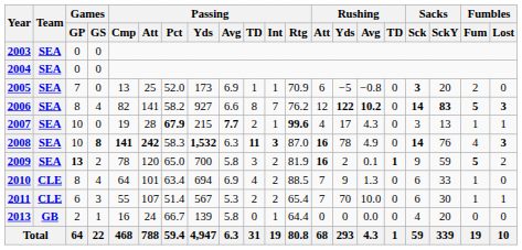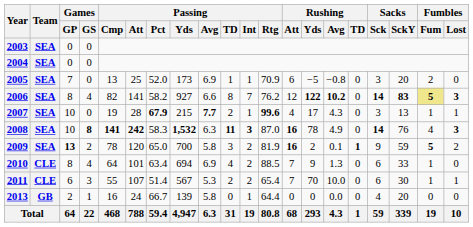 <table class="wikitable" style="text-align: center;">
 <tr>
 <th rowspan="2">Year</th>
 <th rowspan="2">Team</th>
 <th colspan="2">Games</th>
 <th colspan="8">Passing</th>
 <th colspan="4">Rushing</th>
 <th colspan="2">Sacks</th>
 <th colspan="2">Fumbles</th>
 </tr>
 <tr>
 <th>GP</th>
 <th>GS</th>
 <th>Cmp</th>
 <th>Att</th>
 <th>Pct</th>
 <th>Yds</th>
 <th>Avg</th>
 <th>TD</th>
 <th>Int</th>
 <th>Rtg</th>
 <th>Att</th>
 <th>Yds</th>
 <th>Avg</th>
 <th>TD</th>
 <th>Sck</th>
 <th>SckY</th>
 <th>Fum</th>
 <th>Lost</th>
 </tr>
 <tr>
 <th><a href='#'>2003</a></th>
 <th><a href='#'>SEA</a></th>
 <td>0</td>
 <td>0</td>
 <td colspan="16"></td>
 </tr>
 <tr>
 <th><a href='#'>2004</a></th>
 <th><a href='#'>SEA</a></th>
 <td>0</td>
 <td>0</td>
 <td colspan="16"></td>
 </tr>
 <tr>
 <th><a href='#'>2005</a></th>
 <th><a href='#'>SEA</a></th>
 <td>7</td>
 <td>0</td>
 <td>13</td>
 <td>25</td>
 <td>52.0</td>
 <td>173</td>
 <td>6.9</td>
 <td>1</td>
 <td>1</td>
 <td>70.9</td>
 <td>6</td>
 <td>−5</td>
 <td>−0.8</td>
 <td>0</td>
-<td><strong>3</strong></td>
+<td>3</td>
 <td>20</td>
 <td>2</td>
 <td>0</td>
 </tr>
 <tr>
 <th><a href='#'>2006</a></th>
 <th><a href='#'>SEA</a></th>
 <td>8</td>
 <td>4</td>
 <td>82</td>
 <td>141</td>
 <td>58.2</td>
 <td>927</td>
 <td>6.6</td>
 <td>8</td>
 <td>7</td>
 <td>76.2</td>
 <td>12</td>
 <td><strong>122</strong></td>
 <td><strong>10.2</strong></td>
 <td>0</td>
 <td><strong>14</strong></td>
 <td><strong>83</strong></td>
-<td><strong>5</strong></td>
+<td style="background: khaki;"><strong>5</strong></td>
 <td><strong>3</strong></td>
 </tr>
 <tr>
 <th><a href='#'>2007</a></th>
 <th><a href='#'>SEA</a></th>
 <td>10</td>
 <td>0</td>
 <td>19</td>
 <td>28</td>
 <td><strong>67.9</strong></td>
 <td>215</td>
 <td><strong>7.7</strong></td>
 <td>2</td>
 <td>1</td>
 <td><strong>99.6</strong></td>
 <td>4</td>
 <td>17</td>
 <td>4.3</td>
 <td>0</td>
 <td>3</td>
 <td>13</td>
 <td>1</td>
 <td>1</td>
 </tr>
 <tr>
 <th><a href='#'>2008</a></th>
 <th><a href='#'>SEA</a></th>
 <td>10</td>
 <td><strong>8</strong></td>
 <td><strong>141</strong></td>
 <td><strong>242</strong></td>
 <td>58.3</td>
 <td><strong>1,532</strong></td>
 <td>6.3</td>
 <td><strong>11</strong></td>
 <td><strong>3</strong></td>
 <td>87.0</td>
 <td><strong>16</strong></td>
 <td>78</td>
 <td>4.9</td>
 <td>0</td>
 <td><strong>14</strong></td>
 <td>76</td>
 <td>4</td>
 <td><strong>3</strong></td>
 </tr>
 <tr>
 <th><a href='#'>2009</a></th>
 <th><a href='#'>SEA</a></th>
 <td><strong>13</strong></td>
 <td>2</td>
 <td>78</td>
 <td>120</td>
 <td>65.0</td>
 <td>700</td>
 <td>5.8</td>
 <td>3</td>
 <td>2</td>
 <td>81.9</td>
 <td><strong>16</strong></td>
 <td>2</td>
 <td>0.1</td>
 <td><strong>1</strong></td>
 <td>9</td>
 <td>59</td>
 <td><strong>5</strong></td>
 <td>2</td>
 </tr>
 <tr>
 <th><a href='#'>2010</a></th>
 <th><a href='#'>CLE</a></th>
 <td>8</td>
 <td>4</td>
 <td>64</td>
 <td>101</td>
 <td>63.4</td>
 <td>694</td>
 <td>6.9</td>
 <td>4</td>
 <td>2</td>
 <td>88.5</td>
 <td>7</td>
 <td>9</td>
 <td>1.3</td>
 <td>0</td>
 <td>6</td>
 <td>33</td>
 <td>1</td>
 <td>0</td>
 </tr>
 <tr>
 <th><a href='#'>2011</a></th>
 <th><a href='#'>CLE</a></th>
 <td>6</td>
 <td>3</td>
 <td>55</td>
 <td>107</td>
 <td>51.4</td>
 <td>567</td>
 <td>5.3</td>
 <td>2</td>
 <td>2</td>
 <td>65.4</td>
 <td>7</td>
 <td>70</td>
 <td>10.0</td>
 <td>0</td>
 <td>6</td>
 <td>30</td>
 <td>1</td>
 <td>1</td>
 </tr>
 <tr>
 <th><a href='#'>2013</a></th>
 <th><a href='#'>GB</a></th>
 <td>2</td>
 <td>1</td>
 <td>16</td>
 <td>24</td>
 <td>66.7</td>
 <td>139</td>
 <td>5.8</td>
 <td>0</td>
 <td>1</td>
 <td>64.4</td>
 <td>0</td>
 <td>0</td>
 <td>0.0</td>
 <td>0</td>
 <td>4</td>
 <td>20</td>
 <td>0</td>
 <td>0</td>
 </tr>
 <tr>
 <th colspan="2">Total</th>
 <th>64</th>
 <th>22</th>
 <th>468</th>
 <th>788</th>
 <th>59.4</th>
 <th>4,947</th>
 <th>6.3</th>
 <th>31</th>
 <th>19</th>
 <th>80.8</th>
 <th>68</th>
 <th>293</th>
 <th>4.3</th>
 <th>1</th>
 <th>59</th>
 <th>339</th>
 <th>19</th>
 <th>10</th>
 </tr>
 </table>
